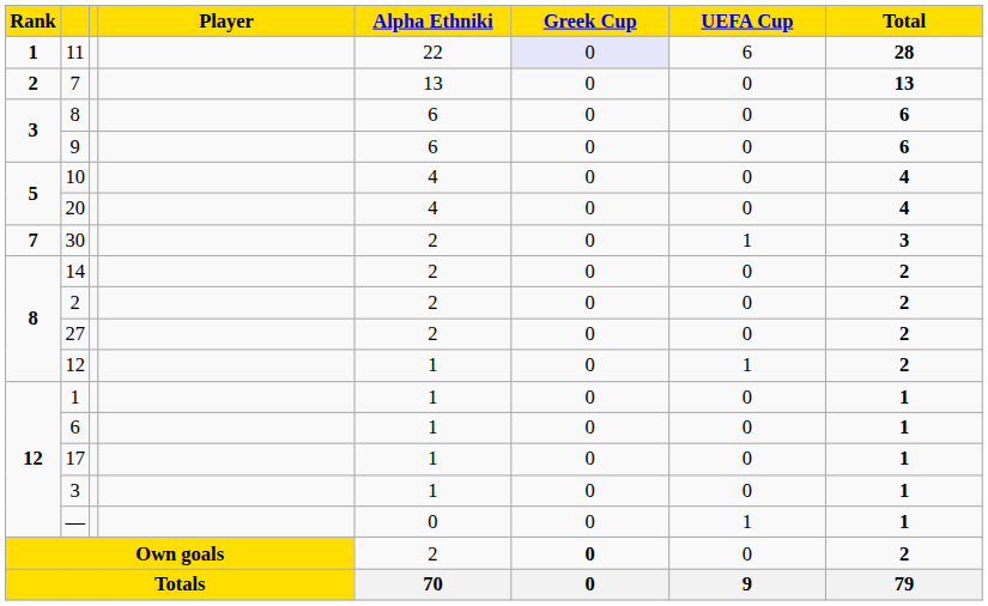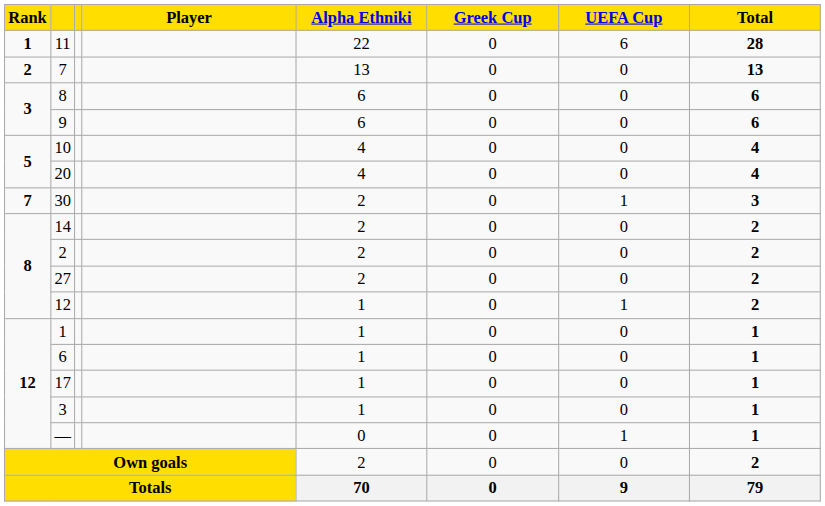 <table class="wikitable sortable" style="text-align: center">
 <tr>
 <th style="background:#FFDE00">Rank</th>
 <th style="background:#FFDE00"></th>
 <th style="background:#FFDE00"></th>
 <th width=200 style="background:#FFDE00">Player</th>
 <th width=120 style="background:#FFDE00"><a href='#'>Alpha Ethniki</a></th>
 <th width=120 style="background:#FFDE00"><a href='#'>Greek Cup</a></th>
 <th width=120 style="background:#FFDE00"><a href='#'>UEFA Cup</a></th>
 <th width=120 style="background:#FFDE00">Total</th>
 </tr>
 <tr>
 <td><strong>1</strong></td>
 <td>11</td>
 <td></td>
 <td align=left></td>
 <td>22</td>
-<td style="background: lavender;">0</td>
+<td>0</td>
 <td>6</td>
 <td><strong>28</strong></td>
 </tr>
 <tr>
 <td><strong>2</strong></td>
 <td>7</td>
 <td></td>
 <td align=left></td>
 <td>13</td>
 <td>0</td>
 <td>0</td>
 <td><strong>13</strong></td>
 </tr>
 <tr>
 <td rowspan=2><strong>3</strong></td>
 <td>8</td>
 <td></td>
 <td align=left></td>
 <td>6</td>
 <td>0</td>
 <td>0</td>
 <td><strong>6</strong></td>
 </tr>
 <tr>
 <td>9</td>
 <td></td>
 <td align=left></td>
 <td>6</td>
 <td>0</td>
 <td>0</td>
 <td><strong>6</strong></td>
 </tr>
 <tr>
 <td rowspan=2><strong>5</strong></td>
 <td>10</td>
 <td></td>
 <td align=left></td>
 <td>4</td>
 <td>0</td>
 <td>0</td>
 <td><strong>4</strong></td>
 </tr>
 <tr>
 <td>20</td>
 <td></td>
 <td align=left></td>
 <td>4</td>
 <td>0</td>
 <td>0</td>
 <td><strong>4</strong></td>
 </tr>
 <tr>
 <td><strong>7</strong></td>
 <td>30</td>
 <td></td>
 <td align=left></td>
 <td>2</td>
 <td>0</td>
 <td>1</td>
 <td><strong>3</strong></td>
 </tr>
 <tr>
 <td rowspan=4><strong>8</strong></td>
 <td>14</td>
 <td></td>
 <td align=left></td>
 <td>2</td>
 <td>0</td>
 <td>0</td>
 <td><strong>2</strong></td>
 </tr>
 <tr>
 <td>2</td>
 <td></td>
 <td align=left></td>
 <td>2</td>
 <td>0</td>
 <td>0</td>
 <td><strong>2</strong></td>
 </tr>
 <tr>
 <td>27</td>
 <td></td>
 <td align=left></td>
 <td>2</td>
 <td>0</td>
 <td>0</td>
 <td><strong>2</strong></td>
 </tr>
 <tr>
 <td>12</td>
 <td></td>
 <td align=left></td>
 <td>1</td>
 <td>0</td>
 <td>1</td>
 <td><strong>2</strong></td>
 </tr>
 <tr>
 <td rowspan=5><strong>12</strong></td>
 <td>1</td>
 <td></td>
 <td align=left></td>
 <td>1</td>
 <td>0</td>
 <td>0</td>
 <td><strong>1</strong></td>
 </tr>
 <tr>
 <td>6</td>
 <td></td>
 <td align=left></td>
 <td>1</td>
 <td>0</td>
 <td>0</td>
 <td><strong>1</strong></td>
 </tr>
 <tr>
 <td>17</td>
 <td></td>
 <td align=left></td>
 <td>1</td>
 <td>0</td>
 <td>0</td>
 <td><strong>1</strong></td>
 </tr>
 <tr>
 <td>3</td>
 <td></td>
 <td align=left></td>
 <td>1</td>
 <td>0</td>
 <td>0</td>
 <td><strong>1</strong></td>
 </tr>
 <tr>
 <td>—</td>
 <td></td>
 <td align=left></td>
 <td>0</td>
 <td>0</td>
 <td>1</td>
 <td><strong>1</strong></td>
 </tr>
 <tr class="sortbottom">
 <td colspan=4 style="background:#FFDE00"><strong>Own goals</strong></td>
 <td>2</td>
-<td><strong>0</strong></td>
+<td>0</td>
 <td>0</td>
 <td><strong>2</strong></td>
 </tr>
 <tr class="sortbottom">
 <th colspan=4 style="background:#FFDE00"><strong>Totals</strong></th>
 <th><strong>70</strong></th>
 <th><strong> 0</strong></th>
 <th><strong> 9</strong></th>
 <th><strong>79</strong></th>
 </tr>
 </table>
